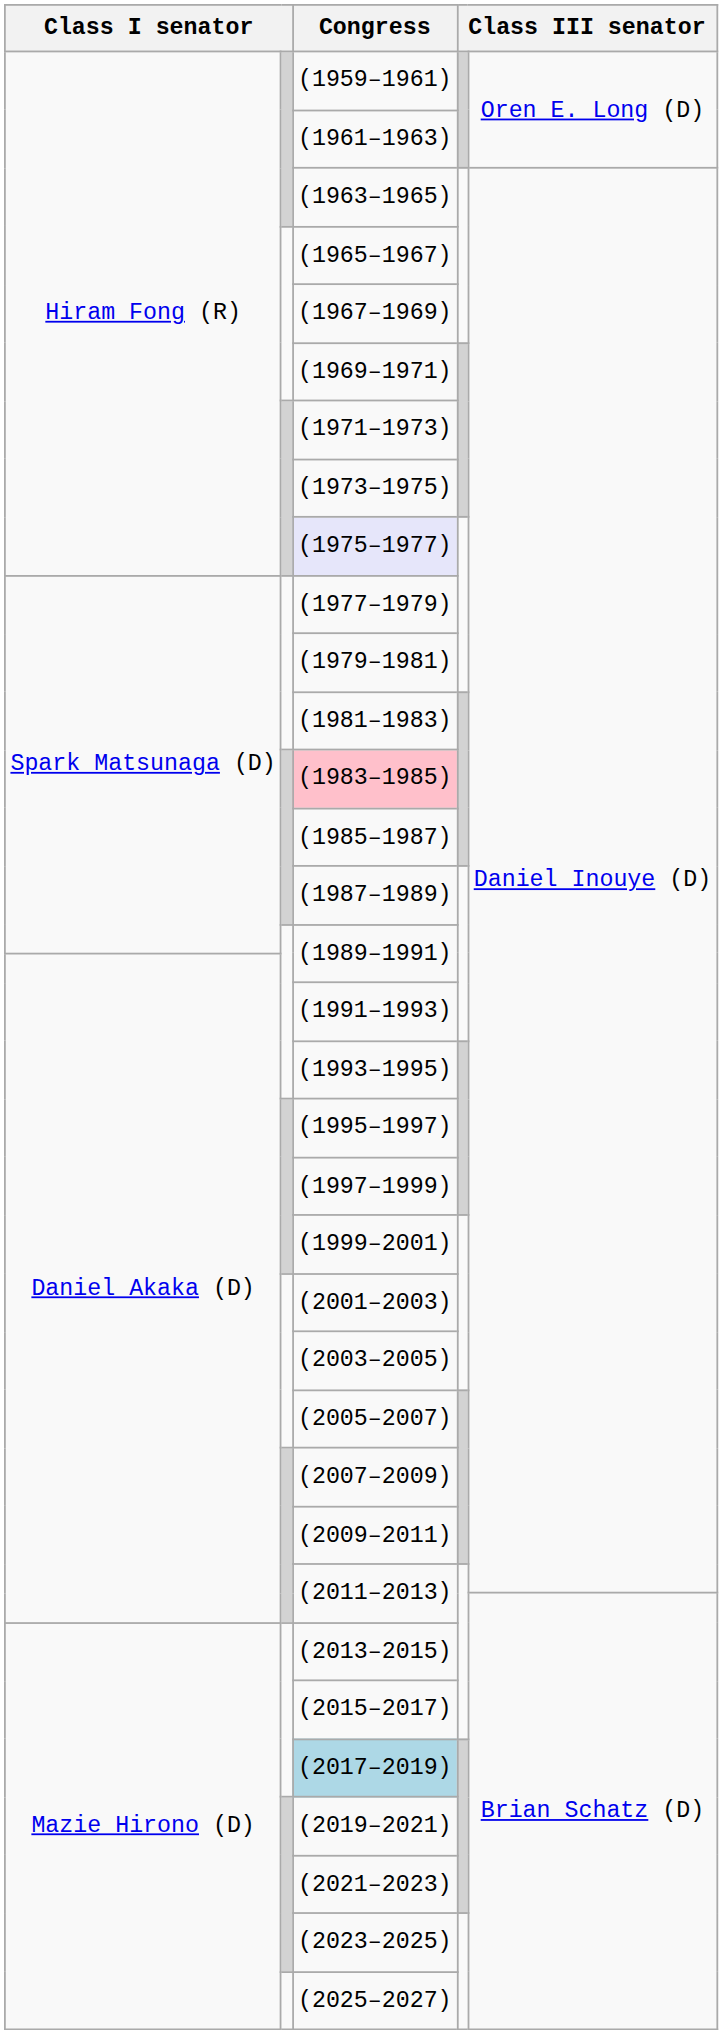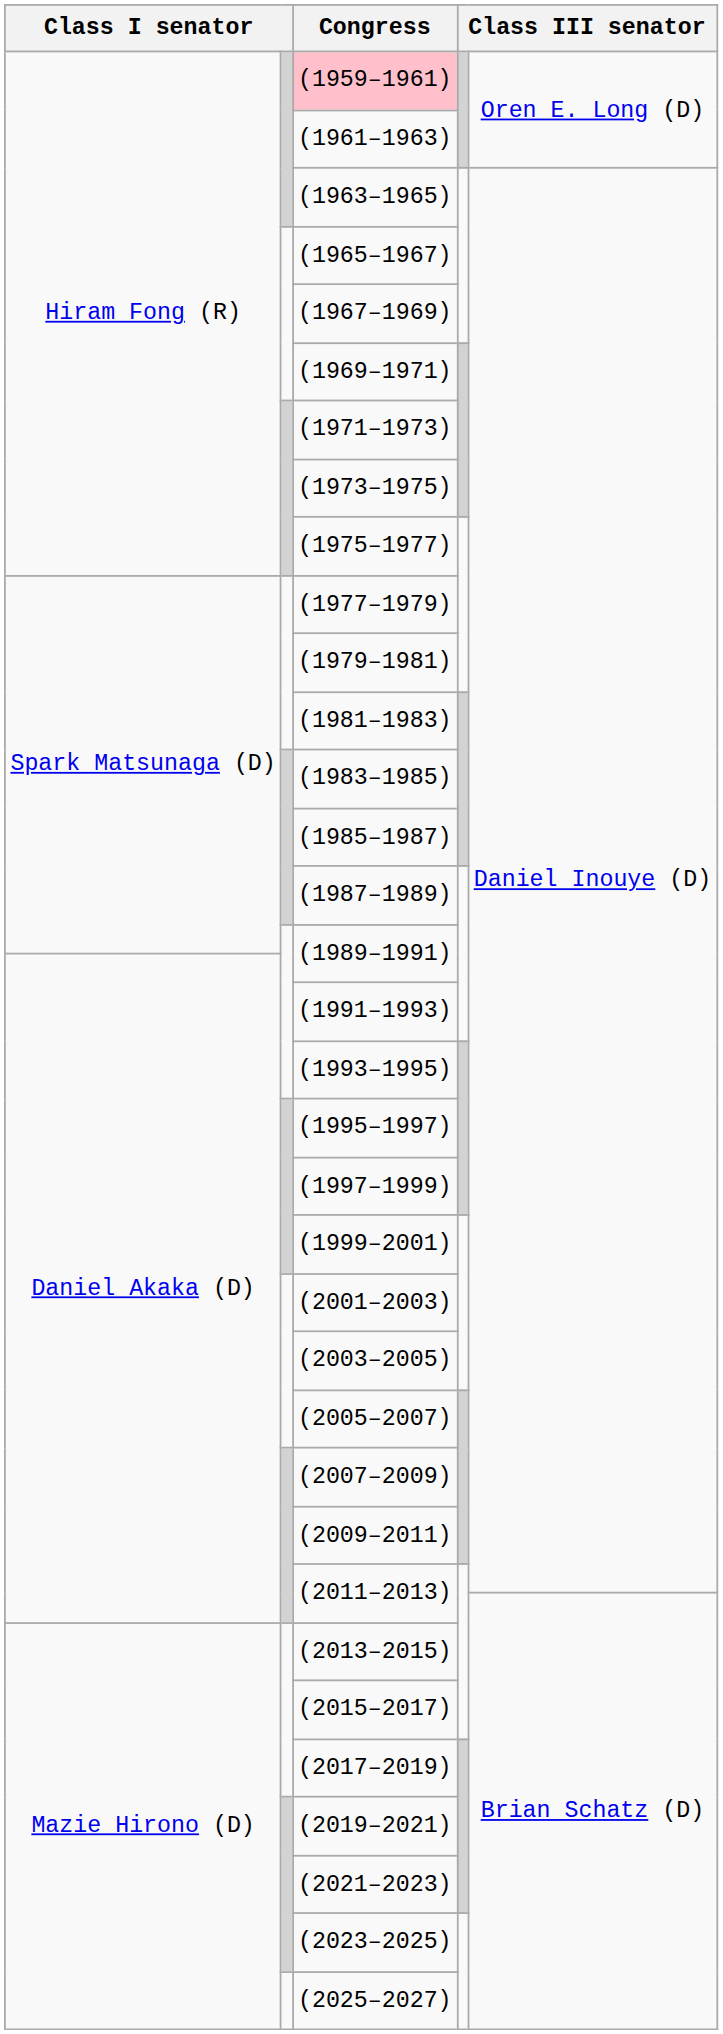 <table class="wikitable sticky-header" style="text-align:center">
 <tr style="height:2em">
 <th scope=col colspan=2>Class I senator</th>
 <th scope=col>Congress</th>
 <th scope=col colspan=2>Class III senator</th>
 </tr>
 <tr style="height:2.5em">
 <td rowspan="9" scope="row" ><a href='#'>Hiram Fong</a> (R)</td>
 <td rowspan="3" style="background: #D3D3D3"></td>
-<td><strong></strong> (1959–1961)</td>
+<td style="background: pink;"><strong></strong> (1959–1961)</td>
 <td rowspan=2 style="background: #D3D3D3"></td>
 <td rowspan=2 ><a href='#'>Oren E. Long</a> (D)</td>
 </tr>
 <tr style="height:2.5em">
 <td><strong></strong> (1961–1963)</td>
 </tr>
 <tr style="height:2.5em">
 <td><strong></strong> (1963–1965)</td>
 <td rowspan="3"></td>
 <td rowspan=26 ><a href='#'>Daniel Inouye</a> (D)</td>
 </tr>
 <tr style="height:2.5em">
 <td rowspan="3"></td>
 <td><strong></strong> (1965–1967)</td>
 </tr>
 <tr style="height:2.5em">
 <td><strong></strong> (1967–1969)</td>
 </tr>
 <tr style="height:2.5em">
 <td><strong></strong> (1969–1971)</td>
 <td rowspan="3" style="background: #D3D3D3"></td>
 </tr>
 <tr style="height:2.5em">
 <td rowspan="3" style="background: #D3D3D3"></td>
 <td><strong></strong> (1971–1973)</td>
 </tr>
 <tr style="height:2.5em">
 <td><strong></strong> (1973–1975)</td>
 </tr>
 <tr style="height:2.5em">
-<td style="background: lavender;"><strong></strong> (1975–1977)</td>
+<td><strong></strong> (1975–1977)</td>
 <td rowspan="3"></td>
 </tr>
 <tr style="height:2.5em">
 <td rowspan="7" scope="row" ><a href='#'>Spark Matsunaga</a> (D)</td>
 <td rowspan="3"></td>
 <td><strong></strong> (1977–1979)</td>
 </tr>
 <tr style="height:2.5em">
 <td><strong></strong> (1979–1981)</td>
 </tr>
 <tr style="height:2.5em">
 <td><strong></strong> (1981–1983)</td>
 <td rowspan="3" style="background: #D3D3D3"></td>
 </tr>
 <tr style="height:2.5em">
 <td rowspan="3" style="background: #D3D3D3"></td>
-<td style="background: pink;"><strong></strong> (1983–1985)</td>
+<td><strong></strong> (1983–1985)</td>
 </tr>
 <tr style="height:2.5em">
 <td><strong></strong> (1985–1987)</td>
 </tr>
 <tr style="height:2.5em">
 <td><strong></strong> (1987–1989)</td>
 <td rowspan="4"></td>
 </tr>
 <tr style="height:1.25em">
 <td rowspan="4"></td>
 <td rowspan=2><strong></strong> (1989–1991)</td>
 </tr>
 <tr style="height:1.25em">
 <td rowspan="13" scope="row" ><a href='#'>Daniel Akaka</a> (D)</td>
 </tr>
 <tr style="height:2.5em">
 <td><strong></strong> (1991–1993)</td>
 </tr>
 <tr style="height:2.5em">
 <td><strong></strong> (1993–1995)</td>
 <td rowspan="3" style="background: #D3D3D3"></td>
 </tr>
 <tr style="height:2.5em">
 <td rowspan="3" style="background: #D3D3D3"></td>
 <td><strong></strong> (1995–1997)</td>
 </tr>
 <tr style="height:2.5em">
 <td><strong></strong> (1997–1999)</td>
 </tr>
 <tr style="height:2.5em">
 <td><strong></strong> (1999–2001)</td>
 <td rowspan="3"></td>
 </tr>
 <tr style="height:2.5em">
 <td rowspan="3"></td>
 <td><strong></strong> (2001–2003)</td>
 </tr>
 <tr style="height:2.5em">
 <td><strong></strong> (2003–2005)</td>
 </tr>
 <tr style="height:2.5em">
 <td><strong></strong> (2005–2007)</td>
 <td rowspan="3" style="background: #D3D3D3"></td>
 </tr>
 <tr style="height:2.5em">
 <td rowspan="4" style="background: #D3D3D3"></td>
 <td><strong></strong> (2007–2009)</td>
 </tr>
 <tr style="height:2.5em">
 <td><strong></strong> (2009–2011)</td>
 </tr>
 <tr style="height:1.25em">
 <td rowspan=2><strong></strong> (2011–2013)</td>
 <td rowspan="4"></td>
 </tr>
 <tr style="height:1.25em">
 <td rowspan=8 ><a href='#'>Brian Schatz</a> (D)</td>
 </tr>
 <tr style="height:2.5em">
 <td rowspan="7" scope="row" ><a href='#'>Mazie Hirono</a> (D)</td>
 <td rowspan="3"></td>
 <td><strong></strong> (2013–2015)</td>
 </tr>
 <tr style="height:2.5em">
 <td><strong></strong> (2015–2017)</td>
 </tr>
 <tr style="height:2.5em">
-<td style="background: lightblue;"><strong></strong> (2017–2019)</td>
+<td><strong></strong> (2017–2019)</td>
 <td rowspan="3" style="background: #D3D3D3"></td>
 </tr>
 <tr style="height:2.5em">
 <td rowspan="3" style="background: #D3D3D3"></td>
 <td><strong></strong> (2019–2021)</td>
 </tr>
 <tr style="height:2.5em">
 <td><strong></strong> (2021–2023)</td>
 </tr>
 <tr style="height:2.5em">
 <td><strong></strong> (2023–2025)</td>
 <td rowspan="2"></td>
 </tr>
 <tr style="height:2.5em">
 <td rowspan="1"></td>
 <td><strong></strong> (2025–2027)</td>
 </tr>
 </table>
